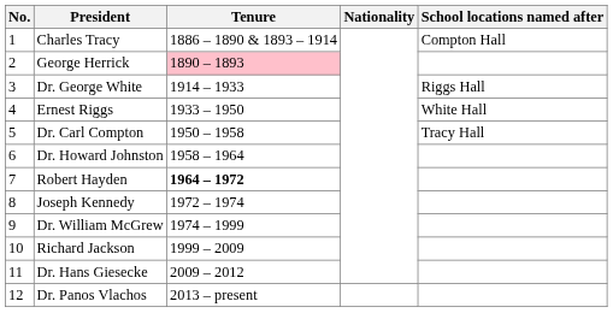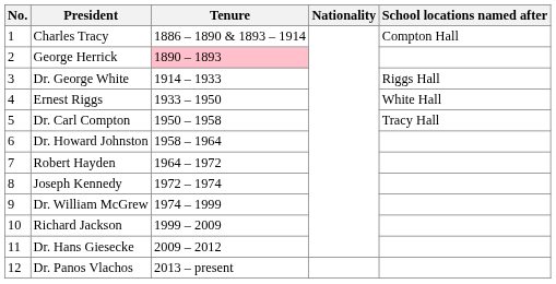 <table class="toccolours" sortable border="1" cellpadding="3" style="border-collapse:collapse">
 <tr bgcolor=#f2f2f2>
 <th>No.</th>
 <th align="center">President</th>
 <th align="center">Tenure</th>
 <th align="center">Nationality</th>
 <th align="center">School locations named after</th>
 </tr>
 <tr>
 <td>1</td>
 <td>Charles Tracy</td>
 <td>1886 – 1890 & 1893 – 1914</td>
 <td rowspan="11"></td>
 <td>Compton Hall</td>
 </tr>
 <tr>
 <td>2</td>
 <td>George Herrick</td>
 <td style="background: pink;">1890 – 1893</td>
 <td></td>
 </tr>
 <tr>
 <td>3</td>
 <td>Dr. George White</td>
 <td>1914 – 1933</td>
 <td>Riggs Hall</td>
 </tr>
 <tr>
 <td>4</td>
 <td>Ernest Riggs</td>
 <td>1933 – 1950</td>
 <td>White Hall</td>
 </tr>
 <tr>
 <td>5</td>
 <td>Dr. Carl Compton</td>
 <td>1950 – 1958</td>
 <td>Tracy Hall</td>
 </tr>
 <tr>
 <td>6</td>
 <td>Dr. Howard Johnston</td>
 <td>1958 – 1964</td>
 <td></td>
 </tr>
 <tr>
 <td>7</td>
 <td>Robert Hayden</td>
-<td><strong>1964 – 1972</strong></td>
+<td>1964 – 1972</td>
 <td></td>
 </tr>
 <tr>
 <td>8</td>
 <td>Joseph Kennedy</td>
 <td>1972 – 1974</td>
 <td></td>
 </tr>
 <tr>
 <td>9</td>
 <td>Dr. William McGrew</td>
 <td>1974 – 1999</td>
 <td></td>
 </tr>
 <tr>
 <td>10</td>
 <td>Richard Jackson</td>
 <td>1999 – 2009</td>
 <td></td>
 </tr>
 <tr>
 <td>11</td>
 <td>Dr. Hans Giesecke</td>
 <td>2009 – 2012</td>
 <td></td>
 </tr>
 <tr>
 <td>12</td>
 <td>Dr. Panos Vlachos</td>
 <td>2013 – present</td>
 <td></td>
 <td></td>
 </tr>
 </table>
